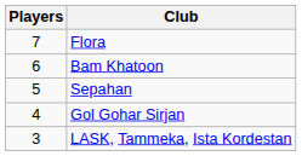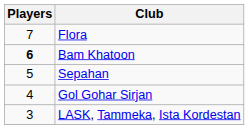 <table class="wikitable">
 <tr>
 <th>Players</th>
 <th>Club</th>
 </tr>
 <tr>
 <td align="center">7</td>
 <td> <a href='#'>Flora</a></td>
 </tr>
 <tr>
-<td align="center">6</td>
+<td align="center"><strong>6</strong></td>
 <td> <a href='#'>Bam Khatoon</a></td>
 </tr>
 <tr>
 <td align="center">5</td>
 <td> <a href='#'>Sepahan</a></td>
 </tr>
 <tr>
 <td align="center">4</td>
 <td> <a href='#'>Gol Gohar Sirjan</a></td>
 </tr>
 <tr>
 <td align="center">3</td>
 <td> <a href='#'>LASK</a>,  <a href='#'>Tammeka</a>,  <a href='#'>Ista Kordestan</a></td>
 </tr>
 </table>
